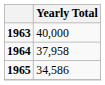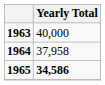 <table class="wikitable">
 <tr>
 <th></th>
 <th>Yearly Total</th>
 </tr>
 <tr>
 <td><strong>1963</strong></td>
 <td>40,000</td>
 </tr>
 <tr>
 <td><strong>1964</strong></td>
 <td>37,958</td>
 </tr>
 <tr>
 <td><strong>1965</strong></td>
-<td>34,586</td>
+<td><strong>34,586</strong></td>
 </tr>
 <tr>
 </tr>
 </table>
